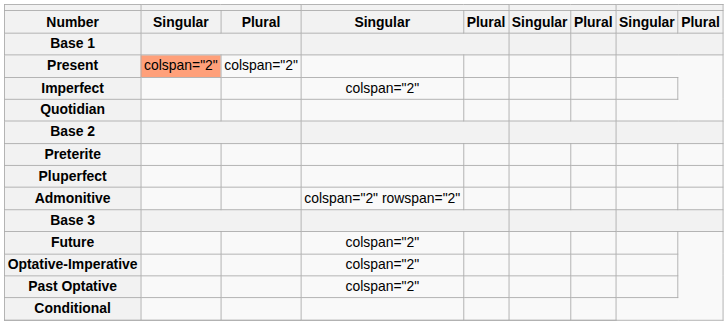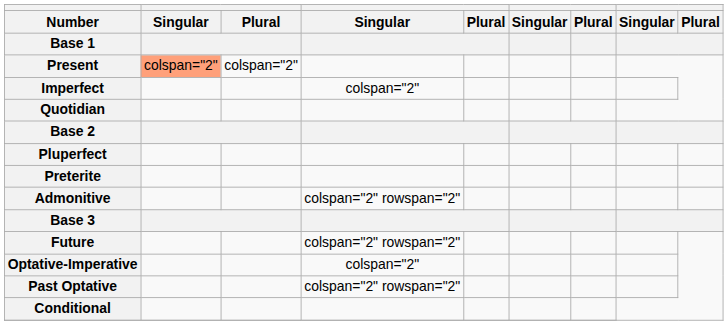 <table class="wikitable" style="text-align: center;">
 <tr>
 <th></th>
 <th colspan="2"></th>
 <th colspan="2"></th>
 <th colspan="2"></th>
 <th colspan="2"></th>
 </tr>
 <tr>
 <th>Number</th>
 <th>Singular</th>
 <th>Plural</th>
 <th>Singular</th>
 <th>Plural</th>
 <th>Singular</th>
 <th>Plural</th>
 <th>Singular</th>
 <th>Plural</th>
 </tr>
 <tr>
 <th>Base 1</th>
 <th colspan="2"></th>
 <th colspan="2"></th>
 <th></th>
 <th></th>
 <th colspan="2"></th>
 </tr>
 <tr>
 <th>Present</th>
 <td style="background: lightsalmon;">colspan="2"  </td>
 <td>colspan="2"  </td>
 <td></td>
 <td></td>
 <td></td>
 <td></td>
 </tr>
 <tr>
 <th>Imperfect</th>
 <td></td>
 <td></td>
 <td>colspan="2" </td>
 <td></td>
 <td></td>
 <td></td>
 <td></td>
 </tr>
 <tr>
 <th>Quotidian</th>
 <td></td>
 <td></td>
 <td></td>
 <td></td>
 <td></td>
 <td></td>
 </tr>
 <tr>
 <th>Base 2</th>
 <th colspan="2"></th>
 <th colspan="2"></th>
 <th colspan="2"></th>
 <th colspan="2"></th>
 </tr>
 <tr>
-<th>Preterite</th>
+<th>Pluperfect</th>
 <td></td>
 <td></td>
 <td></td>
 <td></td>
 <td></td>
 <td></td>
 <td></td>
 <td></td>
 </tr>
 <tr>
-<th>Pluperfect</th>
+<th>Preterite</th>
 <td></td>
 <td></td>
 <td></td>
 <td></td>
 <td></td>
 <td></td>
 <td></td>
 <td></td>
 </tr>
 <tr>
 <th>Admonitive</th>
 <td></td>
 <td></td>
 <td>colspan="2" rowspan="2" </td>
 <td></td>
 <td></td>
 <td></td>
 <td></td>
 </tr>
 <tr>
 <th>Base 3</th>
 <th colspan="2"></th>
 <th colspan="2"></th>
 <th colspan="2"></th>
 <th colspan="2"></th>
 </tr>
 <tr>
 <th>Future</th>
 <td></td>
 <td></td>
-<td>colspan="2" </td>
+<td>colspan="2" rowspan="2" </td>
 <td></td>
 <td></td>
 <td></td>
 <td></td>
 </tr>
 <tr>
 <th>Optative-Imperative</th>
 <td></td>
 <td></td>
 <td>colspan="2"  </td>
 <td></td>
 <td></td>
 <td></td>
 <td></td>
 </tr>
 <tr>
 <th>Past Optative</th>
 <td></td>
 <td></td>
-<td>colspan="2"  </td>
+<td>colspan="2" rowspan="2" </td>
 <td></td>
 <td></td>
 <td></td>
 <td></td>
 </tr>
 <tr>
 <th>Conditional</th>
 <td></td>
 <td></td>
 <td></td>
 <td></td>
 <td></td>
 <td></td>
 </tr>
 <tr>
 </tr>
 </table>
